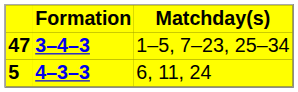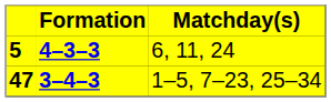 <table class="toccolours" border="0" cellpadding="2" cellspacing="0" align="center" style="margin: 0.5em 0 1em 1em; background: #000000; border: 1px #aaaaaa solid;">
 <tr bgcolor=#FFFF00>
 <th></th>
 <th>Formation</th>
 <th>Matchday(s)</th>
 </tr>
 <tr bgcolor=#FFFF00>
+<td><strong>5</strong></td>
+<td><a href='#'><span><strong>4–3–3</strong></span></a></td>
+<td>6, 11, 24</td>
+</tr>
+<tr bgcolor=#FFFF00>
 <td><strong>47</strong></td>
 <td><a href='#'><span><strong>3–4–3</strong></span></a></td>
 <td>1–5, 7–23, 25–34</td>
 </tr>
-<tr bgcolor=#FFFF00>
-<td><strong>5</strong></td>
-<td><a href='#'><span><strong>4–3–3</strong></span></a></td>
-<td>6, 11, 24</td>
-</tr>
 </table>
